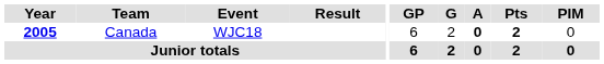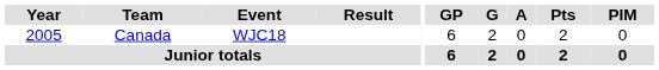 <table border="0" cellpadding="1" cellspacing="0" ID="Table3" style="text-align:center; width:40em">
 <tr ALIGN="center" bgcolor="#e0e0e0">
 <th>Year</th>
 <th>Team</th>
 <th>Event</th>
 <th>Result</th>
 <th rowspan="99" bgcolor="#ffffff"></th>
 <th>GP</th>
 <th>G</th>
 <th>A</th>
 <th>Pts</th>
 <th>PIM</th>
 </tr>
 <tr ALIGN="center">
-<td><strong><a href='#'>2005</a></strong></td>
+<td><a href='#'>2005</a></td>
 <td><a href='#'>Canada</a></td>
 <td><a href='#'>WJC18</a></td>
 <td></td>
 <td>6</td>
 <td>2</td>
-<td><strong>0</strong></td>
-<td><strong>2</strong></td>
+<td>0</td>
+<td>2</td>
 <td>0</td>
 </tr>
 <tr bgcolor="#e0e0e0">
 <th colspan="4">Junior totals</th>
 <th>6</th>
 <th>2</th>
 <th>0</th>
 <th>2</th>
 <th>0</th>
 </tr>
 </table>
